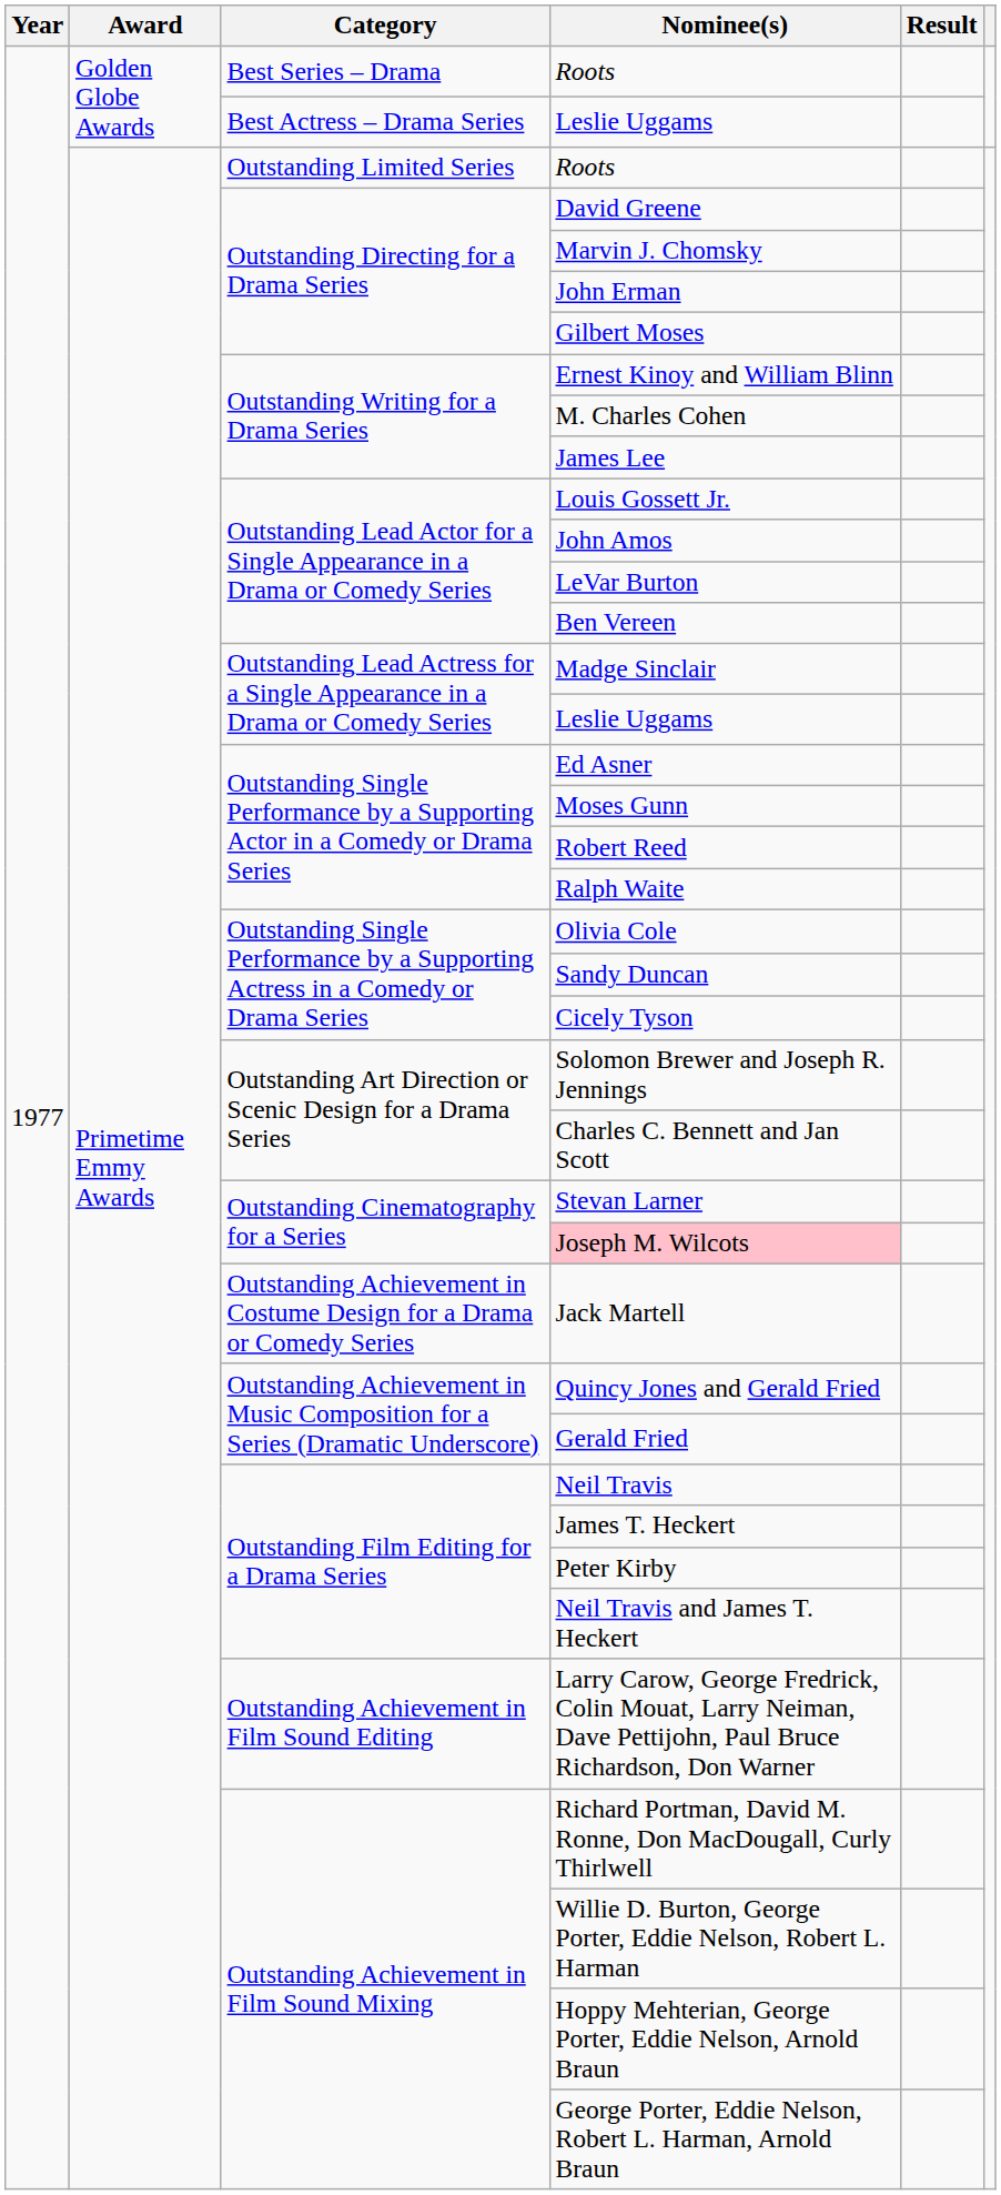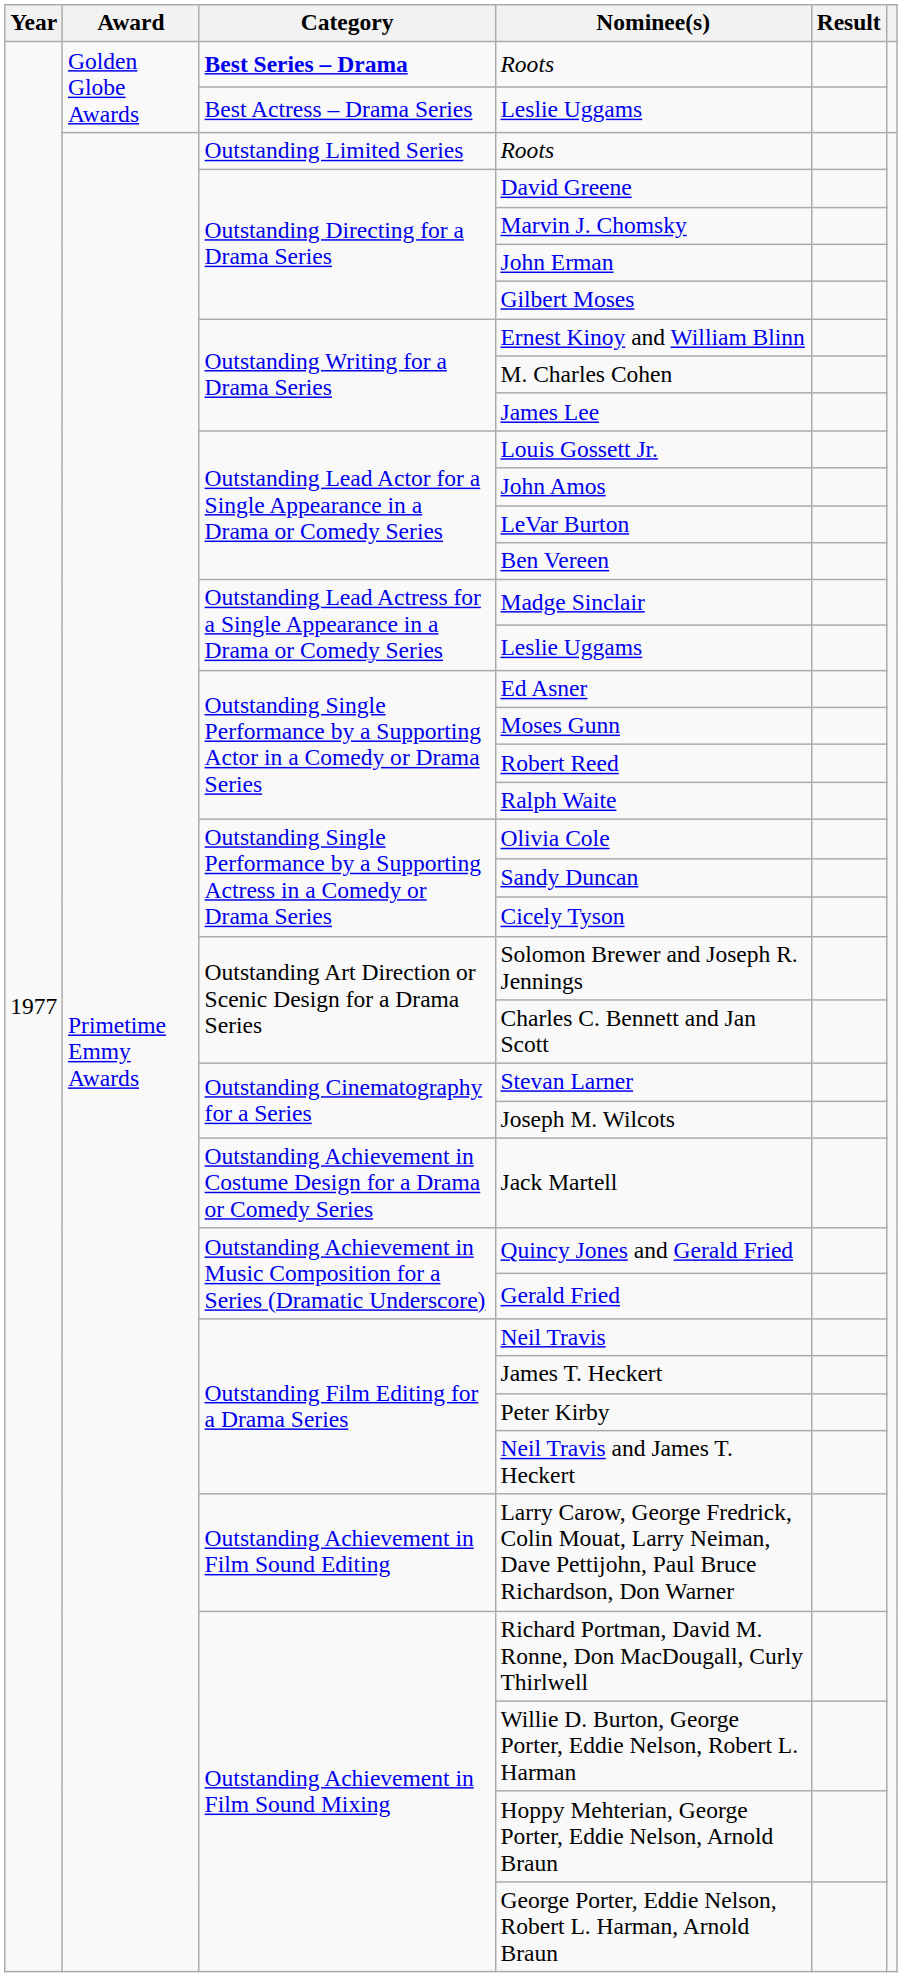 <table class="wikitable sortable">
 <tr>
 <th scope="col">Year</th>
 <th scope="col">Award</th>
 <th scope="col">Category</th>
 <th scope="col">Nominee(s)</th>
 <th scope="col">Result</th>
 <th scope="col" class="unsortable"></th>
 </tr>
 <tr>
 <td rowspan="39">1977</td>
 <td rowspan="2"><a href='#'>Golden Globe Awards</a></td>
-<td><a href='#'>Best Series – Drama</a></td>
+<td><strong><a href='#'>Best Series – Drama</a></strong></td>
 <td><em>Roots</em></td>
 <td></td>
 <td rowspan="2"></td>
 </tr>
 <tr>
 <td><a href='#'>Best Actress – Drama Series</a></td>
 <td><a href='#'>Leslie Uggams</a></td>
 <td></td>
 </tr>
 <tr>
 <td rowspan="37"><a href='#'>Primetime Emmy Awards</a></td>
 <td><a href='#'>Outstanding Limited Series</a></td>
 <td><em>Roots</em></td>
 <td></td>
 <td rowspan="37" style="text-align: center;"></td>
 </tr>
 <tr>
 <td rowspan="4"><a href='#'>Outstanding Directing for a Drama Series</a></td>
 <td><a href='#'>David Greene</a> </td>
 <td></td>
 </tr>
 <tr>
 <td><a href='#'>Marvin J. Chomsky</a> </td>
 <td></td>
 </tr>
 <tr>
 <td><a href='#'>John Erman</a> </td>
 <td></td>
 </tr>
 <tr>
 <td><a href='#'>Gilbert Moses</a> </td>
 <td></td>
 </tr>
 <tr>
 <td rowspan="3"><a href='#'>Outstanding Writing for a Drama Series</a></td>
 <td><a href='#'>Ernest Kinoy</a> and <a href='#'>William Blinn</a> </td>
 <td></td>
 </tr>
 <tr>
 <td>M. Charles Cohen </td>
 <td></td>
 </tr>
 <tr>
 <td><a href='#'>James Lee</a> </td>
 <td></td>
 </tr>
 <tr>
 <td rowspan="4"><a href='#'>Outstanding Lead Actor for a Single Appearance in a Drama or Comedy Series</a></td>
 <td><a href='#'>Louis Gossett Jr.</a> </td>
 <td></td>
 </tr>
 <tr>
 <td><a href='#'>John Amos</a> </td>
 <td></td>
 </tr>
 <tr>
 <td><a href='#'>LeVar Burton</a> </td>
 <td></td>
 </tr>
 <tr>
 <td><a href='#'>Ben Vereen</a> </td>
 <td></td>
 </tr>
 <tr>
 <td rowspan="2"><a href='#'>Outstanding Lead Actress for a Single Appearance in a Drama or Comedy Series</a></td>
 <td><a href='#'>Madge Sinclair</a> </td>
 <td></td>
 </tr>
 <tr>
 <td><a href='#'>Leslie Uggams</a> </td>
 <td></td>
 </tr>
 <tr>
 <td rowspan="4"><a href='#'>Outstanding Single Performance by a Supporting Actor in a Comedy or Drama Series</a></td>
 <td><a href='#'>Ed Asner</a> </td>
 <td></td>
 </tr>
 <tr>
 <td><a href='#'>Moses Gunn</a> </td>
 <td></td>
 </tr>
 <tr>
 <td><a href='#'>Robert Reed</a> </td>
 <td></td>
 </tr>
 <tr>
 <td><a href='#'>Ralph Waite</a> </td>
 <td></td>
 </tr>
 <tr>
 <td rowspan="3"><a href='#'>Outstanding Single Performance by a Supporting Actress in a Comedy or Drama Series</a></td>
 <td><a href='#'>Olivia Cole</a> </td>
 <td></td>
 </tr>
 <tr>
 <td><a href='#'>Sandy Duncan</a> </td>
 <td></td>
 </tr>
 <tr>
 <td><a href='#'>Cicely Tyson</a> </td>
 <td></td>
 </tr>
 <tr>
 <td rowspan="2">Outstanding Art Direction or Scenic Design for a Drama Series</td>
 <td>Solomon Brewer and Joseph R. Jennings</td>
 <td></td>
 </tr>
 <tr>
 <td>Charles C. Bennett and Jan Scott</td>
 <td></td>
 </tr>
 <tr>
 <td rowspan="2"><a href='#'>Outstanding Cinematography for a Series</a></td>
 <td><a href='#'>Stevan Larner</a> </td>
 <td></td>
 </tr>
 <tr>
-<td style="background: pink;">Joseph M. Wilcots </td>
+<td>Joseph M. Wilcots </td>
 <td></td>
 </tr>
 <tr>
 <td><a href='#'>Outstanding Achievement in Costume Design for a Drama or Comedy Series</a></td>
 <td>Jack Martell </td>
 <td></td>
 </tr>
 <tr>
 <td rowspan="2"><a href='#'>Outstanding Achievement in Music Composition for a Series (Dramatic Underscore)</a></td>
 <td><a href='#'>Quincy Jones</a> and <a href='#'>Gerald Fried</a> </td>
 <td></td>
 </tr>
 <tr>
 <td><a href='#'>Gerald Fried</a> </td>
 <td></td>
 </tr>
 <tr>
 <td rowspan="4"><a href='#'>Outstanding Film Editing for a Drama Series</a></td>
 <td><a href='#'>Neil Travis</a> </td>
 <td></td>
 </tr>
 <tr>
 <td>James T. Heckert </td>
 <td></td>
 </tr>
 <tr>
 <td>Peter Kirby </td>
 <td></td>
 </tr>
 <tr>
 <td><a href='#'>Neil Travis</a> and James T. Heckert </td>
 <td></td>
 </tr>
 <tr>
 <td><a href='#'>Outstanding Achievement in Film Sound Editing</a></td>
 <td>Larry Carow, George Fredrick, Colin Mouat, Larry Neiman, Dave Pettijohn, Paul Bruce Richardson, Don Warner </td>
 <td></td>
 </tr>
 <tr>
 <td rowspan="4"><a href='#'>Outstanding Achievement in Film Sound Mixing</a></td>
 <td>Richard Portman, David M. Ronne, Don MacDougall, Curly Thirlwell </td>
 <td></td>
 </tr>
 <tr>
 <td>Willie D. Burton, George Porter, Eddie Nelson, Robert L. Harman </td>
 <td></td>
 </tr>
 <tr>
 <td>Hoppy Mehterian, George Porter, Eddie Nelson, Arnold Braun </td>
 <td></td>
 </tr>
 <tr>
 <td>George Porter, Eddie Nelson, Robert L. Harman, Arnold Braun </td>
 <td></td>
 </tr>
 </table>
